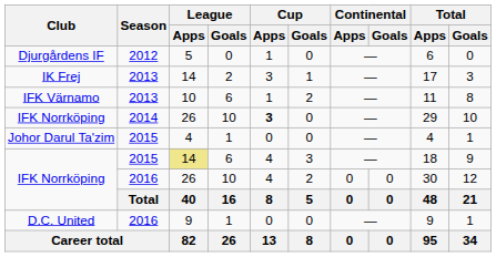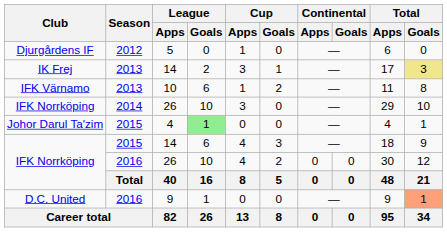 <table class="wikitable" style="text-align:center;">
 <tr>
 <th rowspan="2">Club</th>
 <th rowspan="2">Season</th>
 <th colspan="2">League</th>
 <th colspan="2">Cup</th>
 <th colspan="2">Continental</th>
 <th colspan="2">Total</th>
 </tr>
 <tr>
 <th>Apps</th>
 <th>Goals</th>
 <th>Apps</th>
 <th>Goals</th>
 <th>Apps</th>
 <th>Goals</th>
 <th>Apps</th>
 <th>Goals</th>
 </tr>
 <tr>
 <td><a href='#'>Djurgårdens IF</a></td>
 <td><a href='#'>2012</a></td>
 <td>5</td>
 <td>0</td>
 <td>1</td>
 <td>0</td>
 <td colspan="2">—</td>
 <td>6</td>
 <td>0</td>
 </tr>
 <tr>
 <td><a href='#'>IK Frej</a></td>
 <td><a href='#'>2013</a></td>
 <td>14</td>
 <td>2</td>
 <td>3</td>
 <td>1</td>
 <td colspan="2">—</td>
 <td>17</td>
-<td>3</td>
+<td style="background: khaki;">3</td>
 </tr>
 <tr>
 <td><a href='#'>IFK Värnamo</a></td>
 <td><a href='#'>2013</a></td>
 <td>10</td>
 <td>6</td>
 <td>1</td>
 <td>2</td>
 <td colspan="2">—</td>
 <td>11</td>
 <td>8</td>
 </tr>
 <tr>
 <td><a href='#'>IFK Norrköping</a></td>
 <td><a href='#'>2014</a></td>
 <td>26</td>
 <td>10</td>
-<td><strong>3</strong></td>
+<td>3</td>
 <td>0</td>
 <td colspan="2">—</td>
 <td>29</td>
 <td>10</td>
 </tr>
 <tr>
 <td><a href='#'>Johor Darul Ta'zim</a></td>
 <td><a href='#'>2015</a></td>
 <td>4</td>
-<td>1</td>
+<td style="background: lightgreen;">1</td>
 <td>0</td>
 <td>0</td>
 <td colspan="2">—</td>
 <td>4</td>
 <td>1</td>
 </tr>
 <tr>
 <td rowspan="3"><a href='#'>IFK Norrköping</a></td>
 <td><a href='#'>2015</a></td>
-<td style="background: khaki;">14</td>
+<td>14</td>
 <td>6</td>
 <td>4</td>
 <td>3</td>
 <td colspan="2">—</td>
 <td>18</td>
 <td>9</td>
 </tr>
 <tr>
 <td><a href='#'>2016</a></td>
 <td>26</td>
 <td>10</td>
 <td>4</td>
 <td>2</td>
 <td>0</td>
 <td>0</td>
 <td>30</td>
 <td>12</td>
 </tr>
 <tr>
 <th>Total</th>
 <th>40</th>
 <th>16</th>
 <th>8</th>
 <th>5</th>
 <th>0</th>
 <th>0</th>
 <th>48</th>
 <th>21</th>
 </tr>
 <tr>
 <td><a href='#'>D.C. United</a></td>
 <td><a href='#'>2016</a></td>
 <td>9</td>
 <td>1</td>
 <td>0</td>
 <td>0</td>
 <td colspan="2">—</td>
 <td>9</td>
-<td>1</td>
+<td style="background: lightsalmon;">1</td>
 </tr>
 <tr>
 <th colspan="2">Career total</th>
 <th>82</th>
 <th>26</th>
 <th>13</th>
 <th>8</th>
 <th>0</th>
 <th>0</th>
 <th>95</th>
 <th>34</th>
 </tr>
 </table>
